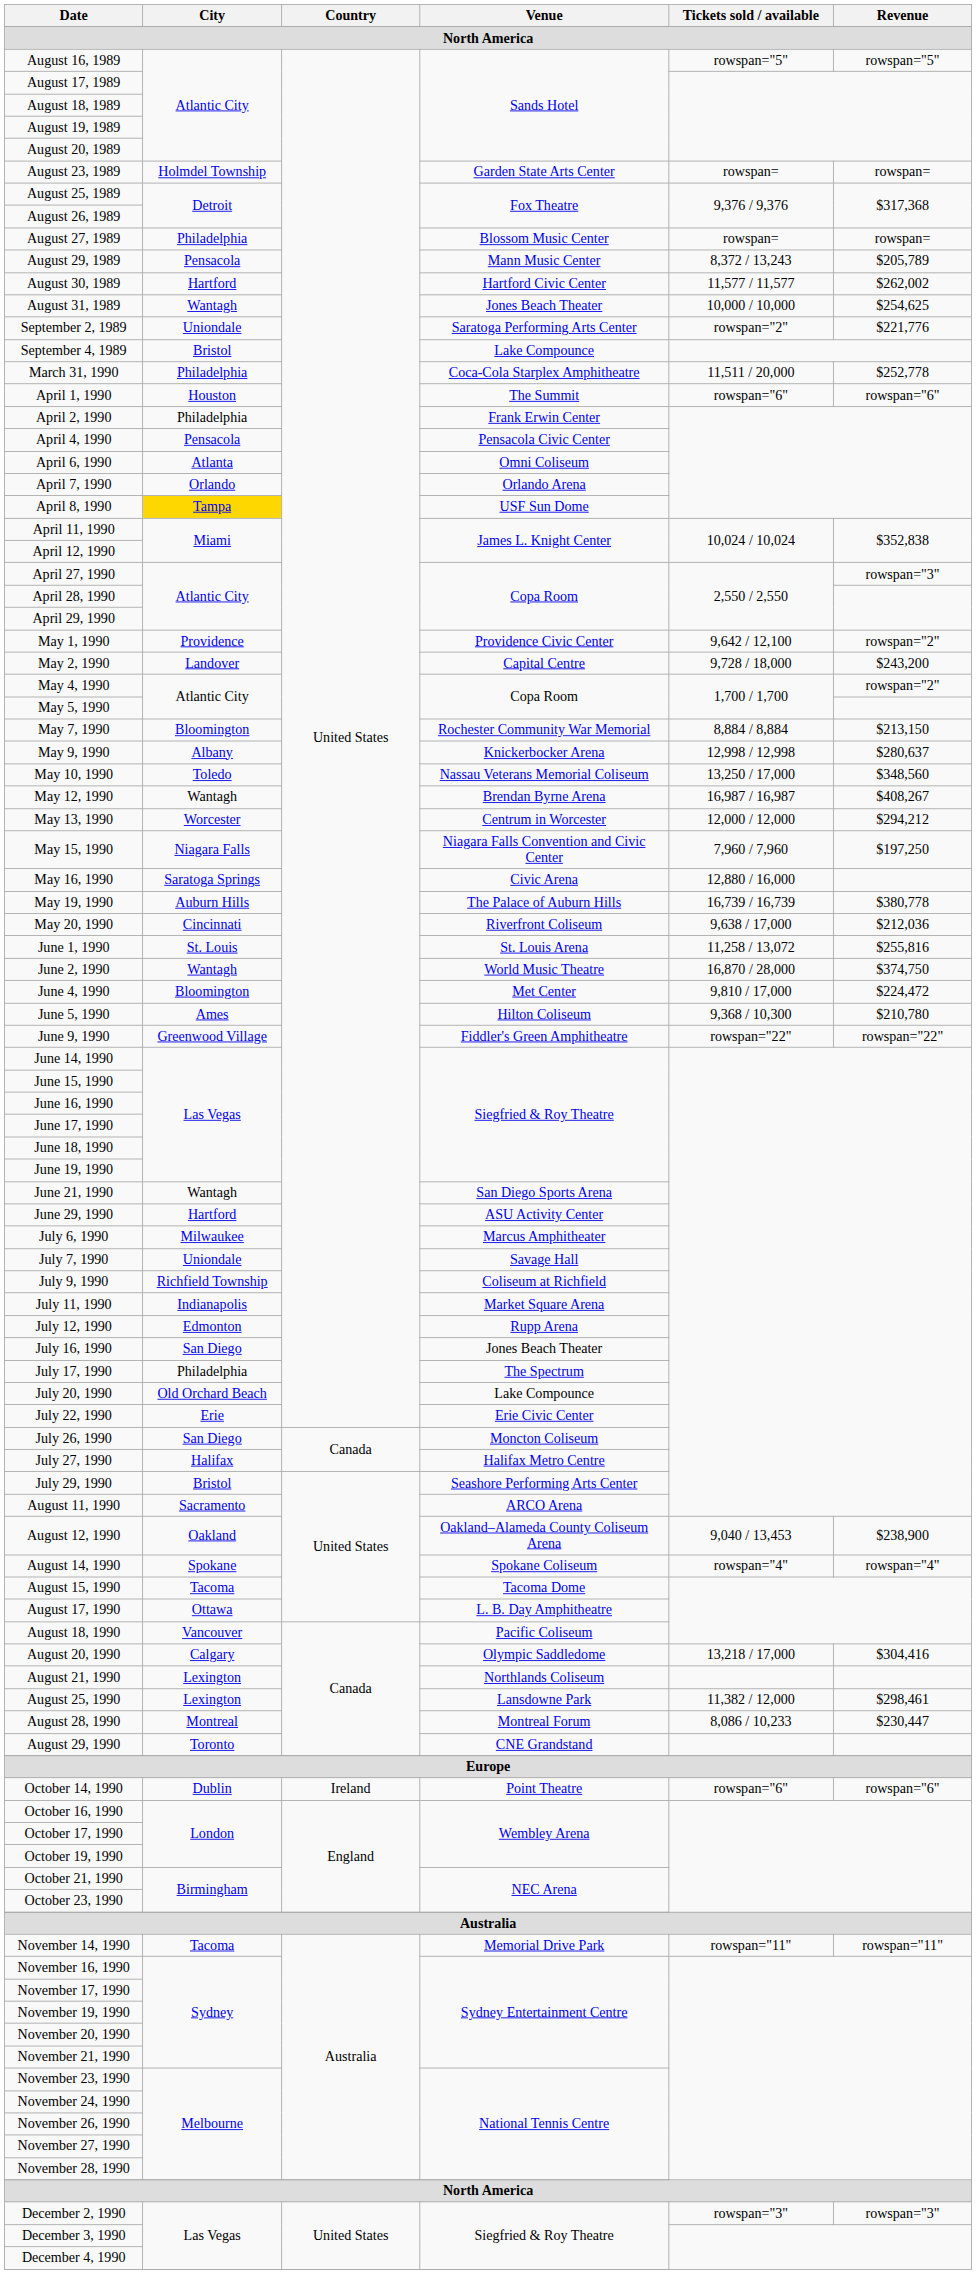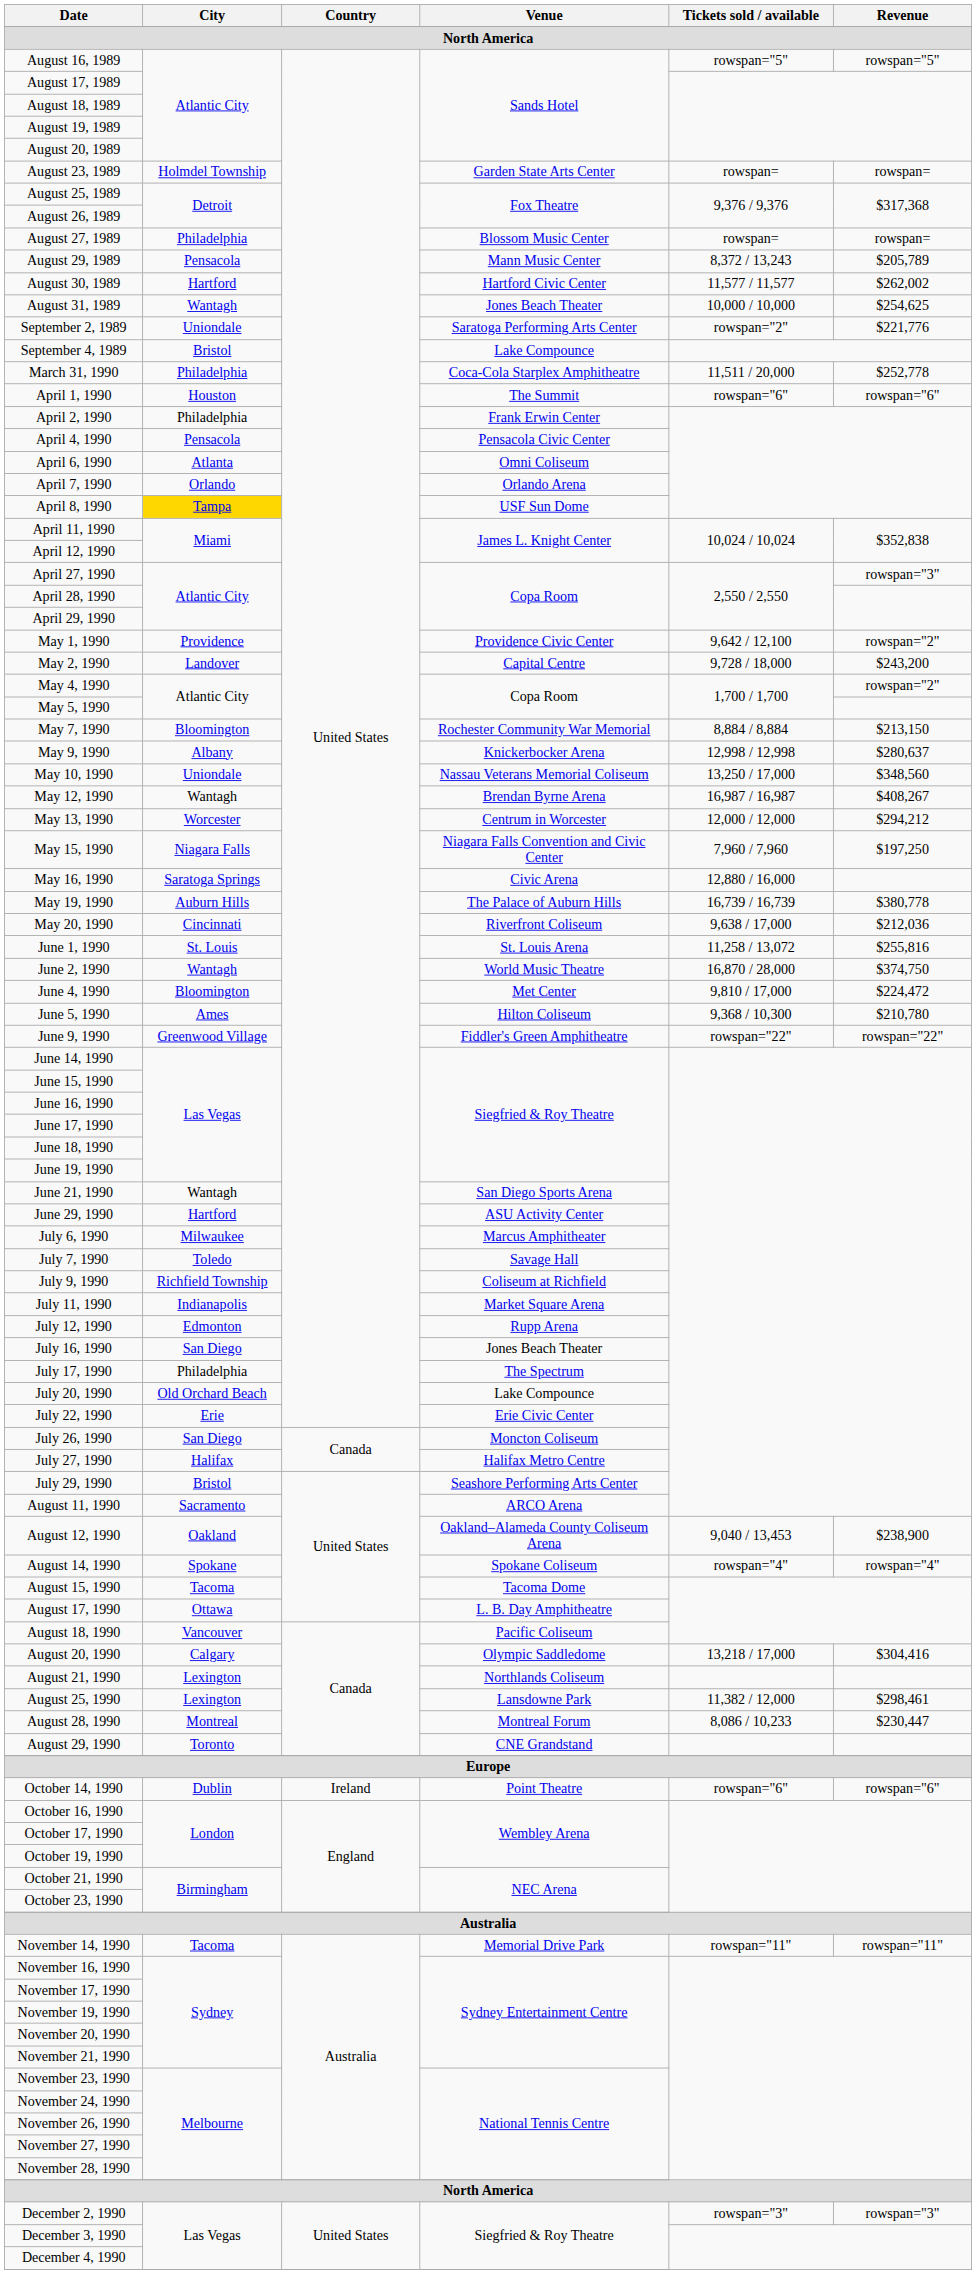 <table class="wikitable" style="text-align:center">
 <tr>
 <th style="width:150px;">Date</th>
 <th style="width:150px;">City</th>
 <th style="width:150px;">Country</th>
 <th style="width:275px;">Venue</th>
 <th style="width:180px;">Tickets sold / available</th>
 <th style="width:150px;">Revenue</th>
 </tr>
 <tr>
 </tr>
 <tr style="background:#ddd;">
 <td colspan="6" style="text-align:center;"><strong>North America</strong> </td>
 </tr>
 <tr>
 <td>August 16, 1989</td>
 <td rowspan="5"><a href='#'>Atlantic City</a></td>
 <td rowspan="61">United States</td>
 <td rowspan="5"><a href='#'>Sands Hotel</a></td>
 <td>rowspan="5" </td>
 <td>rowspan="5" </td>
 </tr>
 <tr>
 <td>August 17, 1989</td>
 </tr>
 <tr>
 <td>August 18, 1989</td>
 </tr>
 <tr>
 <td>August 19, 1989</td>
 </tr>
 <tr>
 <td>August 20, 1989</td>
 </tr>
 <tr>
 <td>August 23, 1989</td>
 <td><a href='#'>Holmdel Township</a></td>
 <td><a href='#'>Garden State Arts Center</a></td>
 <td>rowspan=</td>
 <td>rowspan=</td>
 </tr>
 <tr>
 <td>August 25, 1989</td>
 <td rowspan="2"><a href='#'>Detroit</a></td>
 <td rowspan="2"><a href='#'>Fox Theatre</a></td>
 <td rowspan="2">9,376 / 9,376</td>
 <td rowspan="2">$317,368</td>
 </tr>
 <tr>
 <td>August 26, 1989</td>
 </tr>
 <tr>
 <td>August 27, 1989</td>
 <td><a href='#'>Philadelphia</a></td>
 <td><a href='#'>Blossom Music Center</a></td>
 <td>rowspan=</td>
 <td>rowspan=</td>
 </tr>
 <tr>
 <td>August 29, 1989</td>
 <td><a href='#'>Pensacola</a></td>
 <td><a href='#'>Mann Music Center</a></td>
 <td>8,372 / 13,243</td>
 <td>$205,789</td>
 </tr>
 <tr>
 <td>August 30, 1989</td>
 <td><a href='#'>Hartford</a></td>
 <td><a href='#'>Hartford Civic Center</a></td>
 <td>11,577 / 11,577</td>
 <td>$262,002</td>
 </tr>
 <tr>
 <td>August 31, 1989</td>
 <td><a href='#'>Wantagh</a></td>
 <td><a href='#'>Jones Beach Theater</a></td>
 <td>10,000 / 10,000</td>
 <td>$254,625</td>
 </tr>
 <tr>
 <td>September 2, 1989</td>
 <td><a href='#'>Uniondale</a></td>
 <td><a href='#'>Saratoga Performing Arts Center</a></td>
 <td>rowspan="2" </td>
 <td>$221,776</td>
 </tr>
 <tr>
 <td>September 4, 1989</td>
 <td><a href='#'>Bristol</a></td>
 <td><a href='#'>Lake Compounce</a></td>
 </tr>
 <tr>
 <td>March 31, 1990</td>
 <td><a href='#'>Philadelphia</a></td>
 <td><a href='#'>Coca-Cola Starplex Amphitheatre</a></td>
 <td>11,511 / 20,000</td>
 <td>$252,778</td>
 </tr>
 <tr>
 <td>April 1, 1990</td>
 <td><a href='#'>Houston</a></td>
 <td><a href='#'>The Summit</a></td>
 <td>rowspan="6" </td>
 <td>rowspan="6" </td>
 </tr>
 <tr>
 <td>April 2, 1990</td>
 <td>Philadelphia</td>
 <td><a href='#'>Frank Erwin Center</a></td>
 </tr>
 <tr>
 <td>April 4, 1990</td>
 <td><a href='#'>Pensacola</a></td>
 <td><a href='#'>Pensacola Civic Center</a></td>
 </tr>
 <tr>
 <td>April 6, 1990</td>
 <td><a href='#'>Atlanta</a></td>
 <td><a href='#'>Omni Coliseum</a></td>
 </tr>
 <tr>
 <td>April 7, 1990</td>
 <td><a href='#'>Orlando</a></td>
 <td><a href='#'>Orlando Arena</a></td>
 </tr>
 <tr>
 <td>April 8, 1990</td>
 <td style="background: gold;"><a href='#'>Tampa</a></td>
 <td><a href='#'>USF Sun Dome</a></td>
 </tr>
 <tr>
 <td>April 11, 1990</td>
 <td rowspan="2"><a href='#'>Miami</a></td>
 <td rowspan="2"><a href='#'>James L. Knight Center</a></td>
 <td rowspan="2">10,024 / 10,024</td>
 <td rowspan="2">$352,838</td>
 </tr>
 <tr>
 <td>April 12, 1990</td>
 </tr>
 <tr>
 <td>April 27, 1990</td>
 <td rowspan="3"><a href='#'>Atlantic City</a></td>
 <td rowspan="3"><a href='#'>Copa Room</a></td>
 <td rowspan="3">2,550 / 2,550</td>
 <td>rowspan="3" </td>
 </tr>
 <tr>
 <td>April 28, 1990</td>
 </tr>
 <tr>
 <td>April 29, 1990</td>
 </tr>
 <tr>
 <td>May 1, 1990</td>
 <td><a href='#'>Providence</a></td>
 <td><a href='#'>Providence Civic Center</a></td>
 <td>9,642 / 12,100</td>
 <td>rowspan="2" </td>
 </tr>
 <tr>
 <td>May 2, 1990</td>
 <td><a href='#'>Landover</a></td>
 <td><a href='#'>Capital Centre</a></td>
 <td>9,728 / 18,000</td>
 <td>$243,200</td>
 </tr>
 <tr>
 <td>May 4, 1990</td>
 <td rowspan="2">Atlantic City</td>
 <td rowspan="2">Copa Room</td>
 <td rowspan="2">1,700 / 1,700</td>
 <td>rowspan="2" </td>
 </tr>
 <tr>
 <td>May 5, 1990</td>
 </tr>
 <tr>
 <td>May 7, 1990</td>
 <td><a href='#'>Bloomington</a></td>
 <td><a href='#'>Rochester Community War Memorial</a></td>
 <td>8,884 / 8,884</td>
 <td>$213,150</td>
 </tr>
 <tr>
 <td>May 9, 1990</td>
 <td><a href='#'>Albany</a></td>
 <td><a href='#'>Knickerbocker Arena</a></td>
 <td>12,998 / 12,998</td>
 <td>$280,637</td>
 </tr>
 <tr>
 <td>May 10, 1990</td>
-<td><a href='#'>Toledo</a></td>
+<td><a href='#'>Uniondale</a></td>
 <td><a href='#'>Nassau Veterans Memorial Coliseum</a></td>
 <td>13,250 / 17,000</td>
 <td>$348,560</td>
 </tr>
 <tr>
 <td>May 12, 1990</td>
 <td>Wantagh</td>
 <td><a href='#'>Brendan Byrne Arena</a></td>
 <td>16,987 / 16,987</td>
 <td>$408,267</td>
 </tr>
 <tr>
 <td>May 13, 1990</td>
 <td><a href='#'>Worcester</a></td>
 <td><a href='#'>Centrum in Worcester</a></td>
 <td>12,000 / 12,000</td>
 <td>$294,212</td>
 </tr>
 <tr>
 <td>May 15, 1990</td>
 <td><a href='#'>Niagara Falls</a></td>
 <td><a href='#'>Niagara Falls Convention and Civic Center</a></td>
 <td>7,960 / 7,960</td>
 <td>$197,250</td>
 </tr>
 <tr>
 <td>May 16, 1990</td>
 <td><a href='#'>Saratoga Springs</a></td>
 <td><a href='#'>Civic Arena</a></td>
 <td>12,880 / 16,000</td>
 <td></td>
 </tr>
 <tr>
 <td>May 19, 1990</td>
 <td><a href='#'>Auburn Hills</a></td>
 <td><a href='#'>The Palace of Auburn Hills</a></td>
 <td>16,739 / 16,739</td>
 <td>$380,778</td>
 </tr>
 <tr>
 <td>May 20, 1990</td>
 <td><a href='#'>Cincinnati</a></td>
 <td><a href='#'>Riverfront Coliseum</a></td>
 <td>9,638 / 17,000</td>
 <td>$212,036</td>
 </tr>
 <tr>
 <td>June 1, 1990</td>
 <td><a href='#'>St. Louis</a></td>
 <td><a href='#'>St. Louis Arena</a></td>
 <td>11,258 / 13,072</td>
 <td>$255,816</td>
 </tr>
 <tr>
 <td>June 2, 1990</td>
 <td><a href='#'>Wantagh</a></td>
 <td><a href='#'>World Music Theatre</a></td>
 <td>16,870 / 28,000</td>
 <td>$374,750</td>
 </tr>
 <tr>
 <td>June 4, 1990</td>
 <td><a href='#'>Bloomington</a></td>
 <td><a href='#'>Met Center</a></td>
 <td>9,810 / 17,000</td>
 <td>$224,472</td>
 </tr>
 <tr>
 <td>June 5, 1990</td>
 <td><a href='#'>Ames</a></td>
 <td><a href='#'>Hilton Coliseum</a></td>
 <td>9,368 / 10,300</td>
 <td>$210,780</td>
 </tr>
 <tr>
 <td>June 9, 1990</td>
 <td><a href='#'>Greenwood Village</a></td>
 <td><a href='#'>Fiddler's Green Amphitheatre</a></td>
 <td>rowspan="22" </td>
 <td>rowspan="22" </td>
 </tr>
 <tr>
 <td>June 14, 1990</td>
 <td rowspan="6"><a href='#'>Las Vegas</a></td>
 <td rowspan="6"><a href='#'>Siegfried & Roy Theatre</a></td>
 </tr>
 <tr>
 <td>June 15, 1990</td>
 </tr>
 <tr>
 <td>June 16, 1990</td>
 </tr>
 <tr>
 <td>June 17, 1990</td>
 </tr>
 <tr>
 <td>June 18, 1990</td>
 </tr>
 <tr>
 <td>June 19, 1990</td>
 </tr>
 <tr>
 <td>June 21, 1990</td>
 <td>Wantagh</td>
 <td><a href='#'>San Diego Sports Arena</a></td>
 </tr>
 <tr>
 <td>June 29, 1990</td>
 <td><a href='#'>Hartford</a></td>
 <td><a href='#'>ASU Activity Center</a></td>
 </tr>
 <tr>
 <td>July 6, 1990</td>
 <td><a href='#'>Milwaukee</a></td>
 <td><a href='#'>Marcus Amphitheater</a></td>
 </tr>
 <tr>
 <td>July 7, 1990</td>
-<td><a href='#'>Uniondale</a></td>
+<td><a href='#'>Toledo</a></td>
 <td><a href='#'>Savage Hall</a></td>
 </tr>
 <tr>
 <td>July 9, 1990</td>
 <td><a href='#'>Richfield Township</a></td>
 <td><a href='#'>Coliseum at Richfield</a></td>
 </tr>
 <tr>
 <td>July 11, 1990</td>
 <td><a href='#'>Indianapolis</a></td>
 <td><a href='#'>Market Square Arena</a></td>
 </tr>
 <tr>
 <td>July 12, 1990</td>
 <td><a href='#'>Edmonton</a></td>
 <td><a href='#'>Rupp Arena</a></td>
 </tr>
 <tr>
 <td>July 16, 1990</td>
 <td><a href='#'>San Diego</a></td>
 <td>Jones Beach Theater</td>
 </tr>
 <tr>
 <td>July 17, 1990</td>
 <td>Philadelphia</td>
 <td><a href='#'>The Spectrum</a></td>
 </tr>
 <tr>
 <td>July 20, 1990</td>
 <td><a href='#'>Old Orchard Beach</a></td>
 <td>Lake Compounce</td>
 </tr>
 <tr>
 <td>July 22, 1990</td>
 <td><a href='#'>Erie</a></td>
 <td><a href='#'>Erie Civic Center</a></td>
 </tr>
 <tr>
 <td>July 26, 1990</td>
 <td><a href='#'>San Diego</a></td>
 <td rowspan="2">Canada</td>
 <td><a href='#'>Moncton Coliseum</a></td>
 </tr>
 <tr>
 <td>July 27, 1990</td>
 <td><a href='#'>Halifax</a></td>
 <td><a href='#'>Halifax Metro Centre</a></td>
 </tr>
 <tr>
 <td>July 29, 1990</td>
 <td><a href='#'>Bristol</a></td>
 <td rowspan="6">United States</td>
 <td><a href='#'>Seashore Performing Arts Center</a></td>
 </tr>
 <tr>
 <td>August 11, 1990</td>
 <td><a href='#'>Sacramento</a></td>
 <td><a href='#'>ARCO Arena</a></td>
 </tr>
 <tr>
 <td>August 12, 1990</td>
 <td><a href='#'>Oakland</a></td>
 <td><a href='#'>Oakland–Alameda County Coliseum Arena</a></td>
 <td>9,040 / 13,453</td>
 <td>$238,900</td>
 </tr>
 <tr>
 <td>August 14, 1990</td>
 <td><a href='#'>Spokane</a></td>
 <td><a href='#'>Spokane Coliseum</a></td>
 <td>rowspan="4" </td>
 <td>rowspan="4" </td>
 </tr>
 <tr>
 <td>August 15, 1990</td>
 <td><a href='#'>Tacoma</a></td>
 <td><a href='#'>Tacoma Dome</a></td>
 </tr>
 <tr>
 <td>August 17, 1990</td>
 <td><a href='#'>Ottawa</a></td>
 <td><a href='#'>L. B. Day Amphitheatre</a></td>
 </tr>
 <tr>
 <td>August 18, 1990</td>
 <td><a href='#'>Vancouver</a></td>
 <td rowspan="6">Canada</td>
 <td><a href='#'>Pacific Coliseum</a></td>
 </tr>
 <tr>
 <td>August 20, 1990</td>
 <td><a href='#'>Calgary</a></td>
 <td><a href='#'>Olympic Saddledome</a></td>
 <td>13,218 / 17,000</td>
 <td>$304,416</td>
 </tr>
 <tr>
 <td>August 21, 1990</td>
 <td><a href='#'>Lexington</a></td>
 <td><a href='#'>Northlands Coliseum</a></td>
 <td></td>
 <td></td>
 </tr>
 <tr>
 <td>August 25, 1990</td>
 <td><a href='#'>Lexington</a></td>
 <td><a href='#'>Lansdowne Park</a></td>
 <td>11,382 / 12,000</td>
 <td>$298,461</td>
 </tr>
 <tr>
 <td>August 28, 1990</td>
 <td><a href='#'>Montreal</a></td>
 <td><a href='#'>Montreal Forum</a></td>
 <td>8,086 / 10,233</td>
 <td>$230,447</td>
 </tr>
 <tr>
 <td>August 29, 1990</td>
 <td><a href='#'>Toronto</a></td>
 <td><a href='#'>CNE Grandstand</a></td>
 <td></td>
 <td></td>
 </tr>
 <tr>
 </tr>
 <tr style="background:#ddd;">
 <td colspan="6" style="text-align:center;"><strong>Europe</strong></td>
 </tr>
 <tr>
 <td>October 14, 1990</td>
 <td><a href='#'>Dublin</a></td>
 <td>Ireland</td>
 <td><a href='#'>Point Theatre</a></td>
 <td>rowspan="6" </td>
 <td>rowspan="6" </td>
 </tr>
 <tr>
 <td>October 16, 1990</td>
 <td rowspan="3"><a href='#'>London</a></td>
 <td rowspan="5">England</td>
 <td rowspan="3"><a href='#'>Wembley Arena</a></td>
 </tr>
 <tr>
 <td>October 17, 1990</td>
 </tr>
 <tr>
 <td>October 19, 1990</td>
 </tr>
 <tr>
 <td>October 21, 1990</td>
 <td rowspan="2"><a href='#'>Birmingham</a></td>
 <td rowspan="2"><a href='#'>NEC Arena</a></td>
 </tr>
 <tr>
 <td>October 23, 1990</td>
 </tr>
 <tr>
 </tr>
 <tr style="background:#ddd;">
 <td colspan="6" style="text-align:center;"><strong>Australia</strong></td>
 </tr>
 <tr>
 <td>November 14, 1990</td>
 <td><a href='#'>Tacoma</a></td>
 <td rowspan="11">Australia</td>
 <td><a href='#'>Memorial Drive Park</a></td>
 <td>rowspan="11" </td>
 <td>rowspan="11" </td>
 </tr>
 <tr>
 <td>November 16, 1990</td>
 <td rowspan="5"><a href='#'>Sydney</a></td>
 <td rowspan="5"><a href='#'>Sydney Entertainment Centre</a></td>
 </tr>
 <tr>
 <td>November 17, 1990</td>
 </tr>
 <tr>
 <td>November 19, 1990</td>
 </tr>
 <tr>
 <td>November 20, 1990</td>
 </tr>
 <tr>
 <td>November 21, 1990</td>
 </tr>
 <tr>
 <td>November 23, 1990</td>
 <td rowspan="5"><a href='#'>Melbourne</a></td>
 <td rowspan="5"><a href='#'>National Tennis Centre</a></td>
 </tr>
 <tr>
 <td>November 24, 1990</td>
 </tr>
 <tr>
 <td>November 26, 1990</td>
 </tr>
 <tr>
 <td>November 27, 1990</td>
 </tr>
 <tr>
 <td>November 28, 1990</td>
 </tr>
 <tr>
 </tr>
 <tr style="background:#ddd;">
 <td colspan="6" style="text-align:center;"><strong>North America</strong></td>
 </tr>
 <tr>
 <td>December 2, 1990</td>
 <td rowspan="3">Las Vegas</td>
 <td rowspan="3">United States</td>
 <td rowspan="3">Siegfried & Roy Theatre</td>
 <td>rowspan="3" </td>
 <td>rowspan="3" </td>
 </tr>
 <tr>
 <td>December 3, 1990</td>
 </tr>
 <tr>
 <td>December 4, 1990</td>
 </tr>
 <tr>
 </tr>
 </table>
